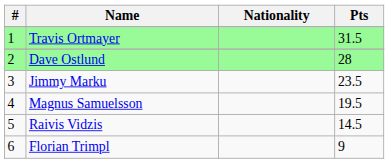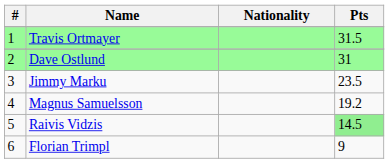 <table class="wikitable" style="display: inline-table; width: 50%;">
 <tr>
 <th>#</th>
 <th>Name</th>
 <th>Nationality</th>
 <th>Pts</th>
 </tr>
 <tr>
 </tr>
 <tr style="background:palegreen;">
 <td>1</td>
 <td><a href='#'>Travis Ortmayer</a></td>
 <td></td>
 <td>31.5</td>
 </tr>
 <tr>
 </tr>
 <tr style="background:palegreen;">
 <td>2</td>
 <td><a href='#'>Dave Ostlund</a></td>
 <td></td>
-<td>28</td>
+<td>31</td>
 </tr>
 <tr>
 <td>3</td>
 <td><a href='#'>Jimmy Marku</a></td>
 <td></td>
 <td>23.5</td>
 </tr>
 <tr>
 <td>4</td>
 <td><a href='#'>Magnus Samuelsson</a></td>
 <td></td>
-<td>19.5</td>
+<td>19.2</td>
 </tr>
 <tr>
 <td>5</td>
 <td><a href='#'>Raivis Vidzis</a></td>
 <td></td>
-<td>14.5</td>
+<td style="background: lightgreen;">14.5</td>
 </tr>
 <tr>
 <td>6</td>
 <td><a href='#'>Florian Trimpl</a></td>
 <td></td>
 <td>9</td>
 </tr>
 </table>
